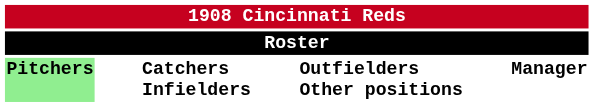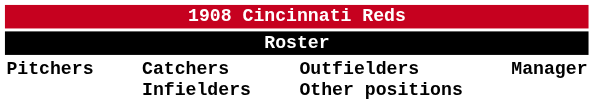 <table class="toccolours" style="font-size: 95%;">
 <tr>
 <th colspan="10" style="background-color: #c6011f; color: white; text-align: center;">1908 Cincinnati Reds</th>
 </tr>
 <tr>
 <td colspan="10" style="background-color: black; color: white; text-align: center;"><strong>Roster</strong></td>
 </tr>
 <tr>
-<td valign="top" style="background: lightgreen;"><strong>Pitchers</strong><br>              </td>
+<td valign="top"><strong>Pitchers</strong><br>              </td>
 <td width="25px"></td>
 <td valign="top"><strong>Catchers</strong><br>   <strong>Infielders</strong>       </td>
 <td width="25px"></td>
 <td valign="top"><strong>Outfielders</strong><br>        <strong>Other positions</strong> </td>
 <td width="25px"></td>
 <td valign="top"><strong>Manager</strong><br></td>
 </tr>
 </table>
